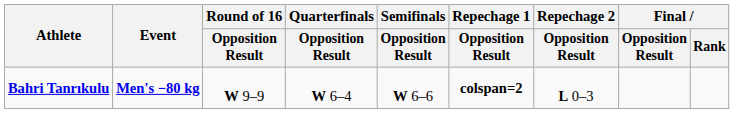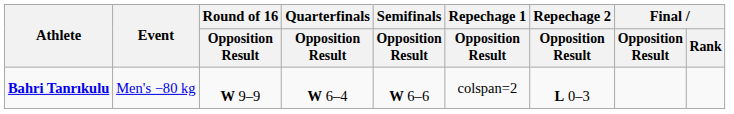 <table class="wikitable" style="font-size:90%;">
 <tr>
 <th rowspan=2>Athlete</th>
 <th rowspan=2>Event</th>
 <th>Round of 16</th>
 <th>Quarterfinals</th>
 <th>Semifinals</th>
 <th>Repechage 1</th>
 <th>Repechage 2</th>
 <th colspan=2>Final / </th>
 </tr>
 <tr style="font-size:95%">
 <th>Opposition<br>Result</th>
 <th>Opposition<br>Result</th>
 <th>Opposition<br>Result</th>
 <th>Opposition<br>Result</th>
 <th>Opposition<br>Result</th>
 <th>Opposition<br>Result</th>
 <th>Rank</th>
 </tr>
 <tr align=center>
 <td align=left><strong><a href='#'>Bahri Tanrıkulu</a></strong></td>
-<td align=left><strong><a href='#'>Men's −80 kg</a></strong></td>
+<td align=left><a href='#'>Men's −80 kg</a></td>
 <td><br><strong>W</strong> 9–9 </td>
 <td><br><strong>W</strong> 6–4</td>
 <td><br><strong>W</strong> 6–6 </td>
-<td><strong>colspan=2 </strong></td>
+<td>colspan=2 </td>
 <td><br><strong>L</strong> 0–3</td>
 <td></td>
 </tr>
 </table>
